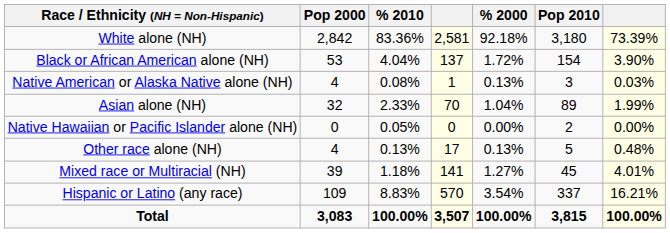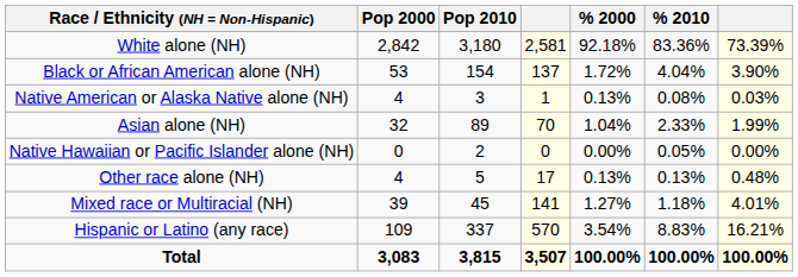 <table class="wikitable" style="text-align:center;">
 <tr>
 <th>Race / Ethnicity <small>(<em>NH = Non-Hispanic</em>)</small></th>
 <th>Pop 2000</th>
-<th>% 2010</th>
+<th>Pop 2010</th>
 <th></th>
 <th>% 2000</th>
-<th>Pop 2010</th>
+<th>% 2010</th>
 <th></th>
 </tr>
 <tr>
 <td><a href='#'>White</a> alone (NH)</td>
 <td>2,842</td>
-<td>83.36%</td>
+<td>3,180</td>
 <td style='background: #ffffe6;'>2,581</td>
 <td>92.18%</td>
-<td>3,180</td>
+<td>83.36%</td>
 <td style='background: #ffffe6;'>73.39%</td>
 </tr>
 <tr>
 <td><a href='#'>Black or African American</a> alone (NH)</td>
 <td>53</td>
-<td>4.04%</td>
+<td>154</td>
 <td style='background: #ffffe6;'>137</td>
 <td>1.72%</td>
-<td>154</td>
+<td>4.04%</td>
 <td style='background: #ffffe6;'>3.90%</td>
 </tr>
 <tr>
 <td><a href='#'>Native American</a> or <a href='#'>Alaska Native</a> alone (NH)</td>
 <td>4</td>
-<td>0.08%</td>
+<td>3</td>
 <td style='background: #ffffe6;'>1</td>
 <td>0.13%</td>
-<td>3</td>
+<td>0.08%</td>
 <td style='background: #ffffe6;'>0.03%</td>
 </tr>
 <tr>
 <td><a href='#'>Asian</a> alone (NH)</td>
 <td>32</td>
-<td>2.33%</td>
+<td>89</td>
 <td style='background: #ffffe6;'>70</td>
 <td>1.04%</td>
-<td>89</td>
+<td>2.33%</td>
 <td style='background: #ffffe6;'>1.99%</td>
 </tr>
 <tr>
 <td><a href='#'>Native Hawaiian</a> or <a href='#'>Pacific Islander</a> alone (NH)</td>
 <td>0</td>
-<td>0.05%</td>
+<td>2</td>
 <td style='background: #ffffe6;'>0</td>
 <td>0.00%</td>
-<td>2</td>
+<td>0.05%</td>
 <td style='background: #ffffe6;'>0.00%</td>
 </tr>
 <tr>
 <td><a href='#'>Other race</a> alone (NH)</td>
 <td>4</td>
-<td>0.13%</td>
+<td>5</td>
 <td style='background: #ffffe6;'>17</td>
 <td>0.13%</td>
-<td>5</td>
+<td>0.13%</td>
 <td style='background: #ffffe6;'>0.48%</td>
 </tr>
 <tr>
 <td><a href='#'>Mixed race or Multiracial</a> (NH)</td>
 <td>39</td>
-<td>1.18%</td>
+<td>45</td>
 <td style='background: #ffffe6;'>141</td>
 <td>1.27%</td>
-<td>45</td>
+<td>1.18%</td>
 <td style='background: #ffffe6;'>4.01%</td>
 </tr>
 <tr>
 <td><a href='#'>Hispanic or Latino</a> (any race)</td>
 <td>109</td>
-<td>8.83%</td>
+<td>337</td>
 <td style='background: #ffffe6;'>570</td>
 <td>3.54%</td>
-<td>337</td>
+<td>8.83%</td>
 <td style='background: #ffffe6;'>16.21%</td>
 </tr>
 <tr>
 <td><strong>Total</strong></td>
 <td><strong>3,083</strong></td>
-<td><strong>100.00%</strong></td>
+<td><strong>3,815</strong></td>
 <td style='background: #ffffe6;'><strong>3,507</strong></td>
 <td><strong>100.00%</strong></td>
-<td><strong>3,815</strong></td>
+<td><strong>100.00%</strong></td>
 <td style='background: #ffffe6;'><strong>100.00%</strong></td>
 </tr>
 </table>
